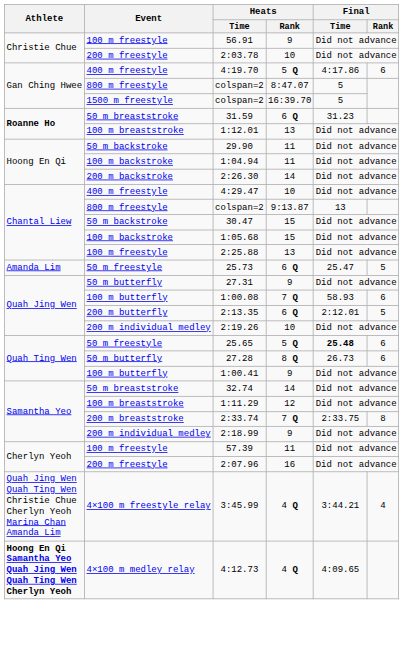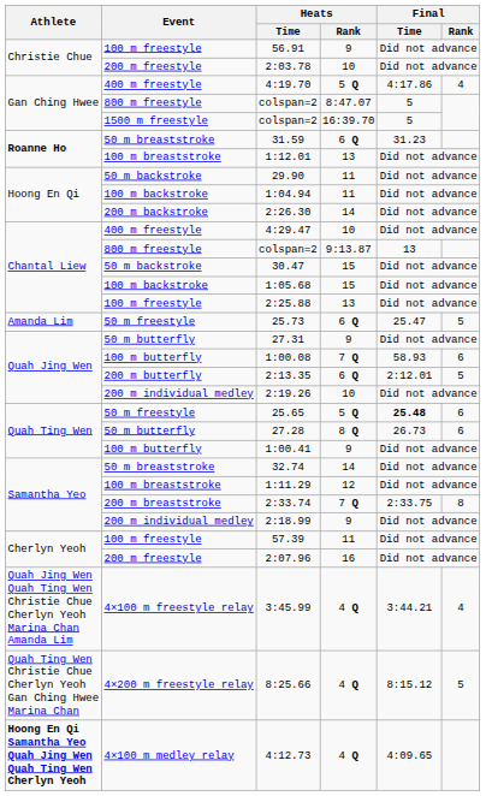 <table class=wikitable style=font-size:90%;text-align:center>
 <tr>
 <th rowspan="2">Athlete</th>
 <th rowspan="2">Event</th>
 <th colspan="2">Heats</th>
 <th colspan="2">Final</th>
 </tr>
 <tr style="font-size:95%">
 <th>Time</th>
 <th>Rank</th>
 <th>Time</th>
 <th>Rank</th>
 </tr>
 <tr>
 <td align=left rowspan=2>Christie Chue</td>
 <td align=left><a href='#'>100 m freestyle</a></td>
 <td>56.91</td>
 <td>9</td>
 <td colspan=2>Did not advance</td>
 </tr>
 <tr>
 <td align=left><a href='#'>200 m freestyle</a></td>
 <td>2:03.78</td>
 <td>10</td>
 <td colspan=2>Did not advance</td>
 </tr>
 <tr>
 <td align=left rowspan=3>Gan Ching Hwee</td>
 <td align=left><a href='#'>400 m freestyle</a></td>
 <td>4:19.70</td>
 <td>5 <strong>Q</strong></td>
 <td>4:17.86</td>
-<td>6</td>
+<td>4</td>
 </tr>
 <tr>
 <td align=left><a href='#'>800 m freestyle</a></td>
 <td>colspan=2 </td>
 <td>8:47.07</td>
 <td>5</td>
 </tr>
 <tr>
 <td align=left><a href='#'>1500 m freestyle</a></td>
 <td>colspan=2 </td>
 <td>16:39.70</td>
 <td>5</td>
 </tr>
 <tr>
 <td align=left rowspan=2><strong>Roanne Ho</strong></td>
 <td align=left><a href='#'>50 m breaststroke</a></td>
 <td>31.59</td>
 <td>6 <strong>Q</strong></td>
 <td>31.23</td>
 <td></td>
 </tr>
 <tr>
 <td align=left><a href='#'>100 m breaststroke</a></td>
 <td>1:12.01</td>
 <td>13</td>
 <td colspan=2>Did not advance</td>
 </tr>
 <tr>
 <td align=left rowspan=3>Hoong En Qi</td>
 <td align=left><a href='#'>50 m backstroke</a></td>
 <td>29.90</td>
 <td>11</td>
 <td colspan=2>Did not advance</td>
 </tr>
 <tr>
 <td align=left><a href='#'>100 m backstroke</a></td>
 <td>1:04.94</td>
 <td>11</td>
 <td colspan=2>Did not advance</td>
 </tr>
 <tr>
 <td align=left><a href='#'>200 m backstroke</a></td>
 <td>2:26.30</td>
 <td>14</td>
 <td colspan=2>Did not advance</td>
 </tr>
 <tr>
 <td align=left rowspan=5><a href='#'>Chantal Liew</a></td>
 <td align=left><a href='#'>400 m freestyle</a></td>
 <td>4:29.47</td>
 <td>10</td>
 <td colspan=2>Did not advance</td>
 </tr>
 <tr>
 <td align=left><a href='#'>800 m freestyle</a></td>
 <td>colspan=2 </td>
 <td>9:13.87</td>
 <td>13</td>
 </tr>
 <tr>
 <td align=left><a href='#'>50 m backstroke</a></td>
 <td>30.47</td>
 <td>15</td>
 <td colspan=2>Did not advance</td>
 </tr>
 <tr>
 <td align=left><a href='#'>100 m backstroke</a></td>
 <td>1:05.68</td>
 <td>15</td>
 <td colspan=2>Did not advance</td>
 </tr>
 <tr>
 <td align=left><a href='#'>100 m freestyle</a></td>
 <td>2:25.88</td>
 <td>13</td>
 <td colspan=2>Did not advance</td>
 </tr>
 <tr>
 <td align=left><a href='#'>Amanda Lim</a></td>
 <td align=left><a href='#'>50 m freestyle</a></td>
 <td>25.73</td>
 <td>6 <strong>Q</strong></td>
 <td>25.47</td>
 <td>5</td>
 </tr>
 <tr>
 <td align=left rowspan=4><a href='#'>Quah Jing Wen</a></td>
 <td align=left><a href='#'>50 m butterfly</a></td>
 <td>27.31</td>
 <td>9</td>
 <td colspan=2>Did not advance</td>
 </tr>
 <tr>
 <td align=left><a href='#'>100 m butterfly</a></td>
 <td>1:00.08</td>
 <td>7 <strong>Q</strong></td>
 <td>58.93</td>
 <td>6</td>
 </tr>
 <tr>
 <td align=left><a href='#'>200 m butterfly</a></td>
 <td>2:13.35</td>
 <td>6 <strong>Q</strong></td>
 <td>2:12.01</td>
 <td>5</td>
 </tr>
 <tr>
 <td align=left><a href='#'>200 m individual medley</a></td>
 <td>2:19.26</td>
 <td>10</td>
 <td colspan=2>Did not advance</td>
 </tr>
 <tr>
 <td align=left rowspan=3><a href='#'>Quah Ting Wen</a></td>
 <td align=left><a href='#'>50 m freestyle</a></td>
 <td>25.65</td>
 <td>5 <strong>Q</strong></td>
 <td><strong>25.48</strong></td>
 <td>6</td>
 </tr>
 <tr>
 <td align=left><a href='#'>50 m butterfly</a></td>
 <td>27.28</td>
 <td>8 <strong>Q</strong></td>
 <td>26.73</td>
 <td>6</td>
 </tr>
 <tr>
 <td align=left><a href='#'>100 m butterfly</a></td>
 <td>1:00.41</td>
 <td>9</td>
 <td colspan=2>Did not advance</td>
 </tr>
 <tr>
 <td align=left rowspan=4><a href='#'>Samantha Yeo</a></td>
 <td align=left><a href='#'>50 m breaststroke</a></td>
 <td>32.74</td>
 <td>14</td>
 <td colspan=2>Did not advance</td>
 </tr>
 <tr>
 <td align=left><a href='#'>100 m breaststroke</a></td>
 <td>1:11.29</td>
 <td>12</td>
 <td colspan=2>Did not advance</td>
 </tr>
 <tr>
 <td align=left><a href='#'>200 m breaststroke</a></td>
 <td>2:33.74</td>
 <td>7 <strong>Q</strong></td>
 <td>2:33.75</td>
 <td>8</td>
 </tr>
 <tr>
 <td align=left><a href='#'>200 m individual medley</a></td>
 <td>2:18.99</td>
 <td>9</td>
 <td colspan=2>Did not advance</td>
 </tr>
 <tr>
 <td align=left rowspan=2>Cherlyn Yeoh</td>
 <td align=left><a href='#'>100 m freestyle</a></td>
 <td>57.39</td>
 <td>11</td>
 <td colspan=2>Did not advance</td>
 </tr>
 <tr>
 <td align=left><a href='#'>200 m freestyle</a></td>
 <td>2:07.96</td>
 <td>16</td>
 <td colspan=2>Did not advance</td>
 </tr>
 <tr>
 <td align=left><a href='#'>Quah Jing Wen</a><br><a href='#'>Quah Ting Wen</a><br>Christie Chue<br>Cherlyn Yeoh<br><a href='#'>Marina Chan</a><br><a href='#'>Amanda Lim</a></td>
 <td align=left><a href='#'>4×100 m freestyle relay</a></td>
 <td>3:45.99</td>
 <td>4 <strong>Q</strong></td>
 <td>3:44.21</td>
 <td>4</td>
 </tr>
 <tr>
+<td align=left><a href='#'>Quah Ting Wen</a><br>Christie Chue<br>Cherlyn Yeoh<br>Gan Ching Hwee<br><a href='#'>Marina Chan</a></td>
+<td align=left><a href='#'>4×200 m freestyle relay</a></td>
+<td>8:25.66</td>
+<td>4 <strong>Q</strong></td>
+<td>8:15.12</td>
+<td>5</td>
+</tr>
+<tr>
 <td align=left><strong>Hoong En Qi<br><a href='#'>Samantha Yeo</a><br><a href='#'>Quah Jing Wen</a><br><a href='#'>Quah Ting Wen</a><br>Cherlyn Yeoh</strong></td>
 <td align=left><a href='#'>4×100 m medley relay</a></td>
 <td>4:12.73</td>
 <td>4 <strong>Q</strong></td>
 <td>4:09.65</td>
 <td></td>
 </tr>
 </table>
